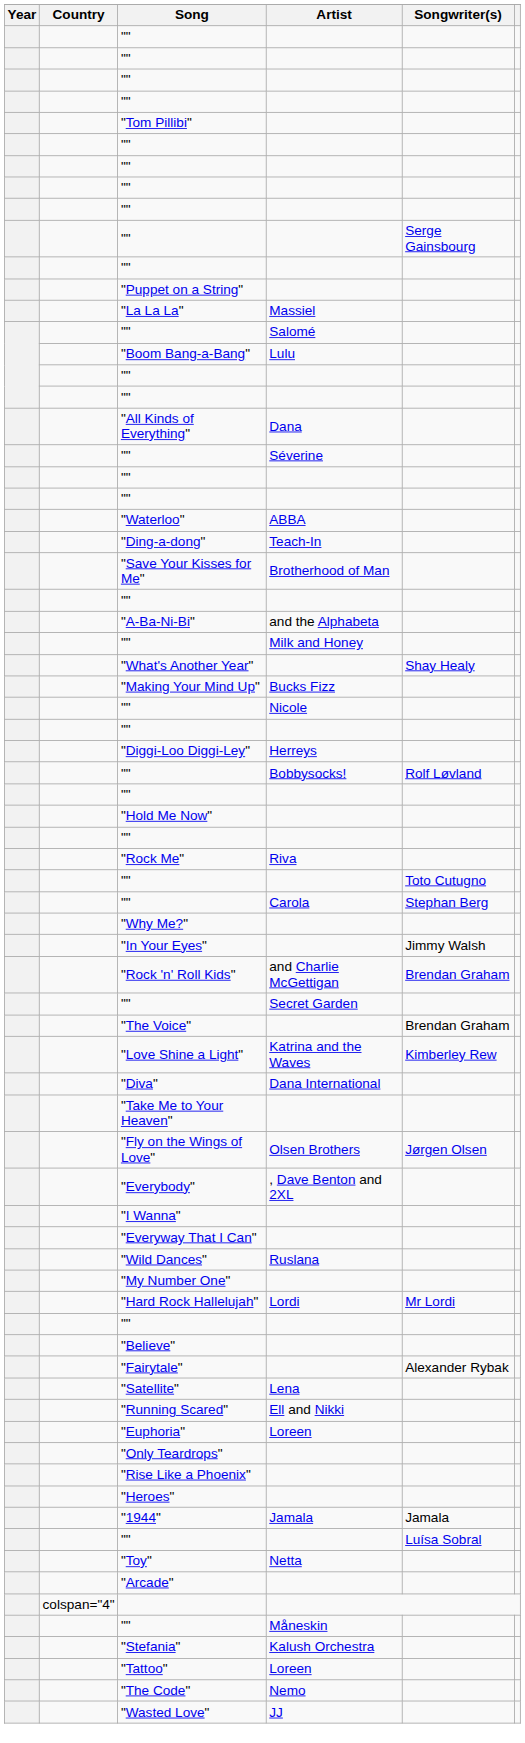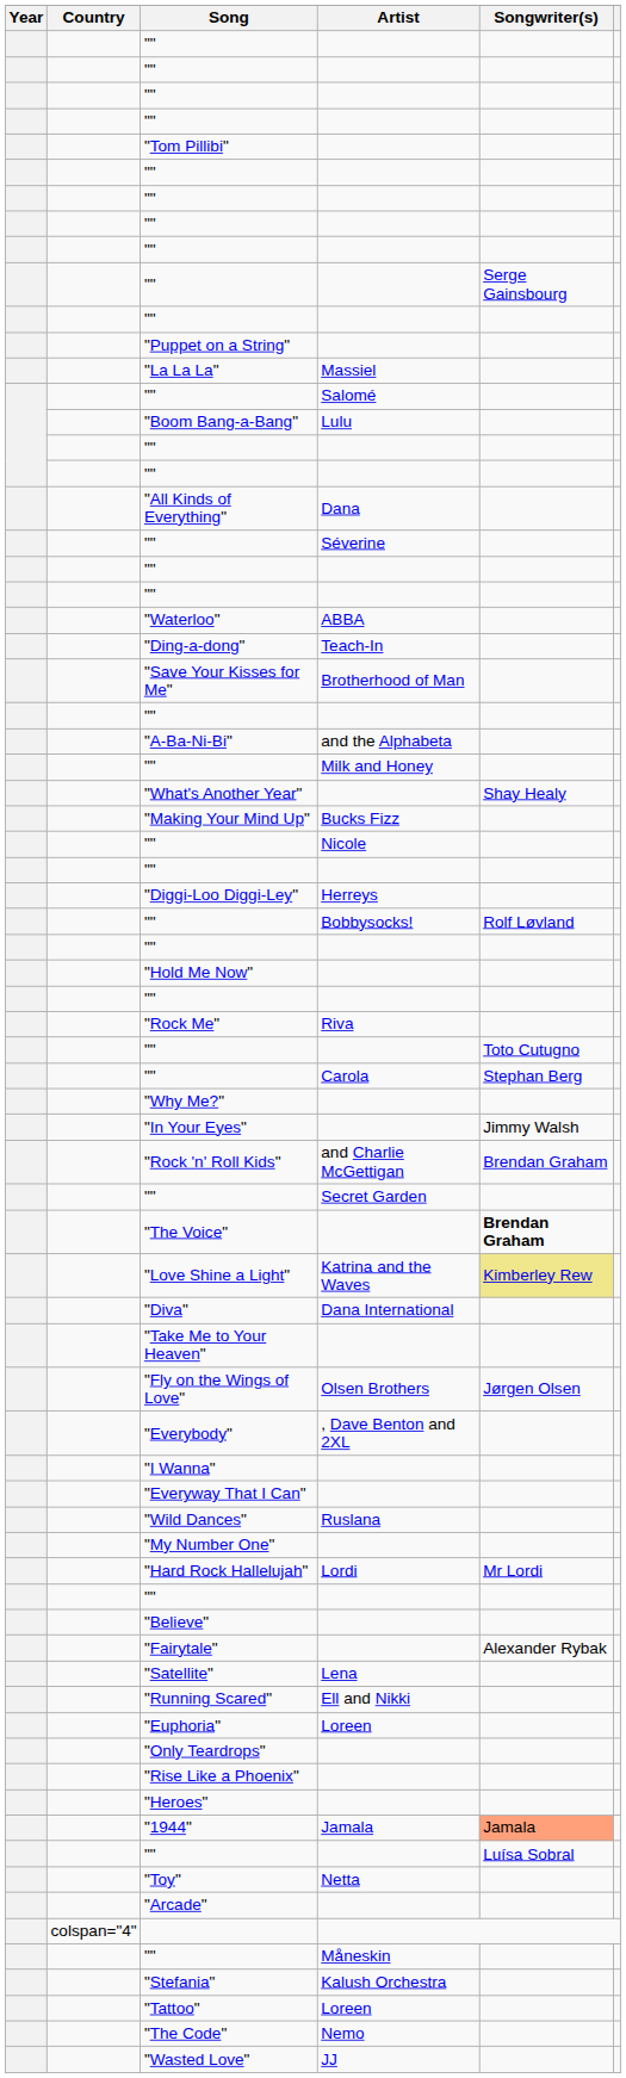 <table class="wikitable sortable">
 <tr>
 </tr>
 <tr>
 <th scope="col" class="autorowspan">Year</th>
 <th scope="col" class="autorowspan">Country</th>
 <th scope="col" class="autorowspan">Song</th>
 <th scope="col" class="autorowspan">Artist</th>
 <th scope="col" class="unsortable">Songwriter(s)</th>
 <th scope="col" class="unsortable"></th>
 </tr>
 <tr>
 <th scope="row"></th>
 <td></td>
 <td>""</td>
 <td></td>
 <td></td>
 <td></td>
 </tr>
 <tr>
 <th scope="row"></th>
 <td></td>
 <td>""</td>
 <td></td>
 <td></td>
 <td></td>
 </tr>
 <tr>
 <th scope="row"></th>
 <td></td>
 <td>""</td>
 <td></td>
 <td></td>
 <td></td>
 </tr>
 <tr>
 <th scope="row"></th>
 <td></td>
 <td>""</td>
 <td></td>
 <td></td>
 <td></td>
 </tr>
 <tr>
 <th scope="row"></th>
 <td></td>
 <td>"<a href='#'>Tom Pillibi</a>"</td>
 <td></td>
 <td></td>
 <td></td>
 </tr>
 <tr>
 <th scope="row"></th>
 <td></td>
 <td>""</td>
 <td></td>
 <td></td>
 <td></td>
 </tr>
 <tr>
 <th scope="row"></th>
 <td></td>
 <td>""</td>
 <td></td>
 <td></td>
 <td></td>
 </tr>
 <tr>
 <th scope="row"></th>
 <td></td>
 <td>""</td>
 <td></td>
 <td></td>
 <td></td>
 </tr>
 <tr>
 <th scope="row"></th>
 <td></td>
 <td>""</td>
 <td></td>
 <td></td>
 <td></td>
 </tr>
 <tr>
 <th scope="row"></th>
 <td></td>
 <td>""</td>
 <td></td>
 <td><a href='#'>Serge Gainsbourg</a></td>
 <td></td>
 </tr>
 <tr>
 <th scope="row"></th>
 <td></td>
 <td>""</td>
 <td></td>
 <td></td>
 <td></td>
 </tr>
 <tr>
 <th scope="row"></th>
 <td></td>
 <td>"<a href='#'>Puppet on a String</a>"</td>
 <td></td>
 <td></td>
 <td></td>
 </tr>
 <tr>
 <th scope="row"></th>
 <td></td>
 <td>"<a href='#'>La La La</a>"</td>
 <td><a href='#'>Massiel</a></td>
 <td></td>
 <td></td>
 </tr>
 <tr>
 <th rowspan="4" scope="row"></th>
 <td></td>
 <td>""</td>
 <td><a href='#'>Salomé</a></td>
 <td></td>
 <td></td>
 </tr>
 <tr>
 <td></td>
 <td>"<a href='#'>Boom Bang-a-Bang</a>"</td>
 <td><a href='#'>Lulu</a></td>
 <td></td>
 <td></td>
 </tr>
 <tr>
 <td></td>
 <td>""</td>
 <td></td>
 <td></td>
 <td></td>
 </tr>
 <tr>
 <td></td>
 <td>""</td>
 <td></td>
 <td></td>
 <td></td>
 </tr>
 <tr>
 <th scope="row"></th>
 <td></td>
 <td>"<a href='#'>All Kinds of Everything</a>"</td>
 <td><a href='#'>Dana</a></td>
 <td></td>
 <td></td>
 </tr>
 <tr>
 <th scope="row"></th>
 <td></td>
 <td>""</td>
 <td><a href='#'>Séverine</a></td>
 <td></td>
 <td></td>
 </tr>
 <tr>
 <th scope="row"></th>
 <td></td>
 <td>""</td>
 <td></td>
 <td></td>
 <td></td>
 </tr>
 <tr>
 <th scope="row"></th>
 <td></td>
 <td>""</td>
 <td></td>
 <td></td>
 <td></td>
 </tr>
 <tr>
 <th scope="row"></th>
 <td></td>
 <td>"<a href='#'>Waterloo</a>"</td>
 <td><a href='#'>ABBA</a></td>
 <td></td>
 <td></td>
 </tr>
 <tr>
 <th scope="row"></th>
 <td></td>
 <td>"<a href='#'>Ding-a-dong</a>"</td>
 <td><a href='#'>Teach-In</a></td>
 <td></td>
 <td></td>
 </tr>
 <tr>
 <th scope="row"></th>
 <td></td>
 <td>"<a href='#'>Save Your Kisses for Me</a>"</td>
 <td><a href='#'>Brotherhood of Man</a></td>
 <td></td>
 <td></td>
 </tr>
 <tr>
 <th scope="row"></th>
 <td></td>
 <td>""</td>
 <td></td>
 <td></td>
 <td></td>
 </tr>
 <tr>
 <th scope="row"></th>
 <td></td>
 <td>"<a href='#'>A-Ba-Ni-Bi</a>" </td>
 <td> and the <a href='#'>Alphabeta</a></td>
 <td></td>
 <td></td>
 </tr>
 <tr>
 <th scope="row"></th>
 <td></td>
 <td>"" </td>
 <td><a href='#'>Milk and Honey</a></td>
 <td></td>
 <td></td>
 </tr>
 <tr>
 <th scope="row"></th>
 <td></td>
 <td>"<a href='#'>What's Another Year</a>"</td>
 <td></td>
 <td><a href='#'>Shay Healy</a></td>
 <td></td>
 </tr>
 <tr>
 <th scope="row"></th>
 <td></td>
 <td>"<a href='#'>Making Your Mind Up</a>"</td>
 <td><a href='#'>Bucks Fizz</a></td>
 <td></td>
 <td></td>
 </tr>
 <tr>
 <th scope="row"></th>
 <td></td>
 <td>""</td>
 <td><a href='#'>Nicole</a></td>
 <td></td>
 <td></td>
 </tr>
 <tr>
 <th scope="row"></th>
 <td></td>
 <td>""</td>
 <td></td>
 <td></td>
 <td></td>
 </tr>
 <tr>
 <th scope="row"></th>
 <td></td>
 <td>"<a href='#'>Diggi-Loo Diggi-Ley</a>"</td>
 <td><a href='#'>Herreys</a></td>
 <td></td>
 <td></td>
 </tr>
 <tr>
 <th scope="row"></th>
 <td></td>
 <td>""</td>
 <td><a href='#'>Bobbysocks!</a></td>
 <td><a href='#'>Rolf Løvland</a></td>
 <td></td>
 </tr>
 <tr>
 <th scope="row"></th>
 <td></td>
 <td>""</td>
 <td></td>
 <td></td>
 <td></td>
 </tr>
 <tr>
 <th scope="row"></th>
 <td></td>
 <td>"<a href='#'>Hold Me Now</a>"</td>
 <td></td>
 <td></td>
 <td></td>
 </tr>
 <tr>
 <th scope="row"></th>
 <td></td>
 <td>""</td>
 <td></td>
 <td></td>
 <td></td>
 </tr>
 <tr>
 <th scope="row"></th>
 <td></td>
 <td>"<a href='#'>Rock Me</a>"</td>
 <td><a href='#'>Riva</a></td>
 <td></td>
 <td></td>
 </tr>
 <tr>
 <th scope="row"></th>
 <td></td>
 <td>""</td>
 <td></td>
 <td><a href='#'>Toto Cutugno</a></td>
 <td></td>
 </tr>
 <tr>
 <th scope="row"></th>
 <td></td>
 <td>""</td>
 <td><a href='#'>Carola</a></td>
 <td><a href='#'>Stephan Berg</a></td>
 <td></td>
 </tr>
 <tr>
 <th scope="row"></th>
 <td></td>
 <td>"<a href='#'>Why Me?</a>"</td>
 <td></td>
 <td></td>
 <td></td>
 </tr>
 <tr>
 <th scope="row"></th>
 <td></td>
 <td>"<a href='#'>In Your Eyes</a>"</td>
 <td></td>
 <td>Jimmy Walsh</td>
 <td></td>
 </tr>
 <tr>
 <th scope="row"></th>
 <td></td>
 <td>"<a href='#'>Rock 'n' Roll Kids</a>"</td>
 <td> and <a href='#'>Charlie McGettigan</a></td>
 <td><a href='#'>Brendan Graham</a></td>
 <td></td>
 </tr>
 <tr>
 <th scope="row"></th>
 <td></td>
 <td>""</td>
 <td><a href='#'>Secret Garden</a></td>
 <td></td>
 <td></td>
 </tr>
 <tr>
 <th scope="row"></th>
 <td></td>
 <td>"<a href='#'>The Voice</a>"</td>
 <td></td>
-<td>Brendan Graham</td>
+<td><strong>Brendan Graham</strong></td>
 <td></td>
 </tr>
 <tr>
 <th scope="row"></th>
 <td></td>
 <td>"<a href='#'>Love Shine a Light</a>"</td>
 <td><a href='#'>Katrina and the Waves</a></td>
-<td><a href='#'>Kimberley Rew</a></td>
+<td style="background: khaki;"><a href='#'>Kimberley Rew</a></td>
 <td></td>
 </tr>
 <tr>
 <th scope="row"></th>
 <td></td>
 <td>"<a href='#'>Diva</a>" </td>
 <td><a href='#'>Dana International</a></td>
 <td></td>
 <td></td>
 </tr>
 <tr>
 <th scope="row"></th>
 <td></td>
 <td>"<a href='#'>Take Me to Your Heaven</a>"</td>
 <td></td>
 <td></td>
 <td></td>
 </tr>
 <tr>
 <th scope="row"></th>
 <td></td>
 <td>"<a href='#'>Fly on the Wings of Love</a>"</td>
 <td><a href='#'>Olsen Brothers</a></td>
 <td><a href='#'>Jørgen Olsen</a></td>
 <td></td>
 </tr>
 <tr>
 <th scope="row"></th>
 <td></td>
 <td>"<a href='#'>Everybody</a>"</td>
 <td>, <a href='#'>Dave Benton</a> and <a href='#'>2XL</a></td>
 <td></td>
 <td></td>
 </tr>
 <tr>
 <th scope="row"></th>
 <td></td>
 <td>"<a href='#'>I Wanna</a>"</td>
 <td></td>
 <td></td>
 <td></td>
 </tr>
 <tr>
 <th scope="row"></th>
 <td></td>
 <td>"<a href='#'>Everyway That I Can</a>"</td>
 <td></td>
 <td></td>
 <td></td>
 </tr>
 <tr>
 <th scope="row"></th>
 <td></td>
 <td>"<a href='#'>Wild Dances</a>"</td>
 <td><a href='#'>Ruslana</a></td>
 <td></td>
 <td></td>
 </tr>
 <tr>
 <th scope="row"></th>
 <td></td>
 <td>"<a href='#'>My Number One</a>"</td>
 <td></td>
 <td></td>
 <td></td>
 </tr>
 <tr>
 <th scope="row"></th>
 <td></td>
 <td>"<a href='#'>Hard Rock Hallelujah</a>"</td>
 <td><a href='#'>Lordi</a></td>
 <td><a href='#'>Mr Lordi</a></td>
 <td></td>
 </tr>
 <tr>
 <th scope="row"></th>
 <td></td>
 <td>"" </td>
 <td></td>
 <td></td>
 <td></td>
 </tr>
 <tr>
 <th scope="row"></th>
 <td></td>
 <td>"<a href='#'>Believe</a>"</td>
 <td></td>
 <td></td>
 <td></td>
 </tr>
 <tr>
 <th scope="row"></th>
 <td></td>
 <td>"<a href='#'>Fairytale</a>"</td>
 <td></td>
 <td>Alexander Rybak</td>
 <td></td>
 </tr>
 <tr>
 <th scope="row"></th>
 <td></td>
 <td>"<a href='#'>Satellite</a>"</td>
 <td><a href='#'>Lena</a></td>
 <td></td>
 <td></td>
 </tr>
 <tr>
 <th scope="row"></th>
 <td></td>
 <td>"<a href='#'>Running Scared</a>"</td>
 <td><a href='#'>Ell</a> and <a href='#'>Nikki</a></td>
 <td></td>
 <td></td>
 </tr>
 <tr>
 <th scope="row"></th>
 <td></td>
 <td>"<a href='#'>Euphoria</a>"</td>
 <td><a href='#'>Loreen</a></td>
 <td></td>
 <td></td>
 </tr>
 <tr>
 <th scope="row"></th>
 <td></td>
 <td>"<a href='#'>Only Teardrops</a>"</td>
 <td></td>
 <td></td>
 <td></td>
 </tr>
 <tr>
 <th scope="row"></th>
 <td></td>
 <td>"<a href='#'>Rise Like a Phoenix</a>"</td>
 <td></td>
 <td></td>
 <td></td>
 </tr>
 <tr>
 <th scope="row"></th>
 <td></td>
 <td>"<a href='#'>Heroes</a>"</td>
 <td></td>
 <td></td>
 <td></td>
 </tr>
 <tr>
 <th scope="row"></th>
 <td></td>
 <td>"<a href='#'>1944</a>"</td>
 <td><a href='#'>Jamala</a></td>
-<td>Jamala</td>
+<td style="background: lightsalmon;">Jamala</td>
 <td></td>
 </tr>
 <tr>
 <th scope="row"></th>
 <td></td>
 <td>""</td>
 <td></td>
 <td><a href='#'>Luísa Sobral</a></td>
 <td></td>
 </tr>
 <tr>
 <th scope="row"></th>
 <td></td>
 <td>"<a href='#'>Toy</a>"</td>
 <td><a href='#'>Netta</a></td>
 <td></td>
 <td></td>
 </tr>
 <tr>
 <th scope="row"></th>
 <td></td>
 <td>"<a href='#'>Arcade</a>"</td>
 <td></td>
 <td></td>
 <td></td>
 </tr>
 <tr class="sortbottom">
 <th scope="row"></th>
 <td>colspan="4" </td>
 <td></td>
 </tr>
 <tr>
 <th scope="row"></th>
 <td></td>
 <td>""</td>
 <td><a href='#'>Måneskin</a></td>
 <td></td>
 <td></td>
 </tr>
 <tr>
 <th scope="row"></th>
 <td></td>
 <td>"<a href='#'>Stefania</a>" </td>
 <td><a href='#'>Kalush Orchestra</a></td>
 <td></td>
 <td></td>
 </tr>
 <tr>
 <th scope="row"></th>
 <td></td>
 <td>"<a href='#'>Tattoo</a>"</td>
 <td><a href='#'>Loreen</a></td>
 <td></td>
 <td></td>
 </tr>
 <tr>
 <th scope="row"></th>
 <td></td>
 <td>"<a href='#'>The Code</a>"</td>
 <td><a href='#'>Nemo</a></td>
 <td></td>
 <td></td>
 </tr>
 <tr>
 <th scope="row"></th>
 <td></td>
 <td>"<a href='#'>Wasted Love</a>"</td>
 <td><a href='#'>JJ</a></td>
 <td></td>
 <td></td>
 </tr>
 </table>
